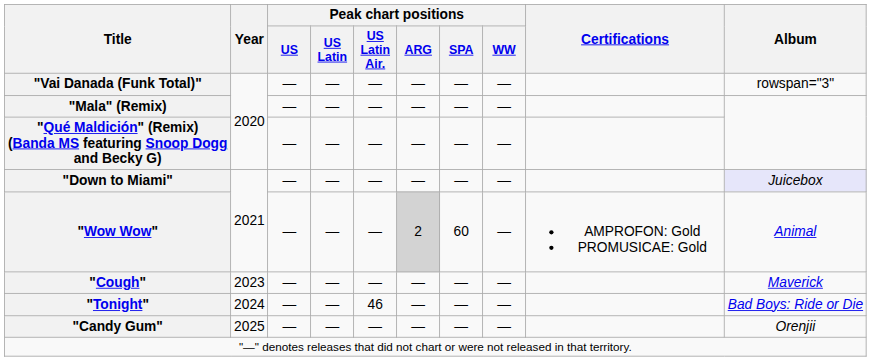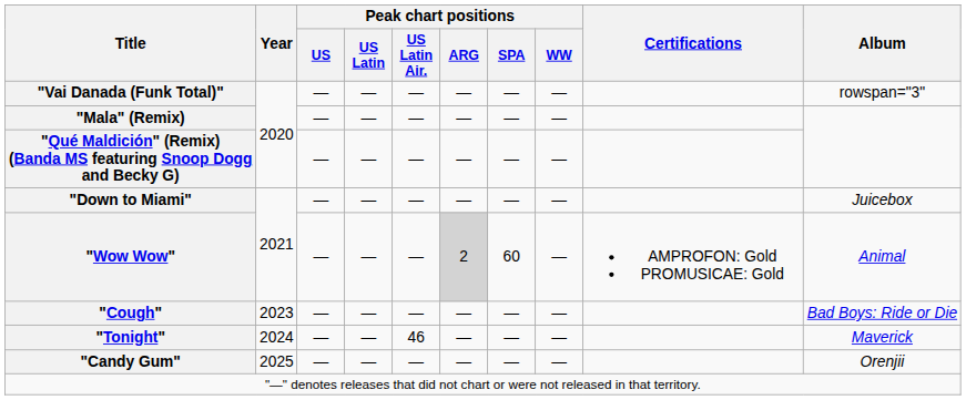 <table class="wikitable plainrowheaders" style="text-align:center;">
 <tr>
 <th scope="col" rowspan="2" style="width:16em;">Title</th>
 <th scope="col" rowspan="2">Year</th>
 <th scope="col" colspan="6">Peak chart positions</th>
 <th scope="col" rowspan="2" style="width:14em;"><a href='#'>Certifications</a></th>
 <th scope="col" rowspan="2">Album</th>
 </tr>
 <tr>
 <th scope="col" style="width:3em;font-size:90%;"><a href='#'>US</a><br></th>
 <th scope="col" style="width:3em;font-size:90%;"><a href='#'>US<br>Latin</a><br></th>
 <th scope="col" style="width:3em;font-size:90%;"><a href='#'>US<br>Latin<br>Air.</a><br></th>
 <th scope="col" style="width:3em;font-size:90%;"><a href='#'>ARG</a><br></th>
 <th scope="col" style="width:3em;font-size:90%;"><a href='#'>SPA</a><br></th>
 <th scope="col" style="width:3em;font-size:90%;"><a href='#'>WW</a><br></th>
 </tr>
 <tr>
 <th scope="row">"Vai Danada (Funk Total)"<br></th>
 <td rowspan="3">2020</td>
 <td>—</td>
 <td>—</td>
 <td>—</td>
 <td>—</td>
 <td>—</td>
 <td>—</td>
 <td></td>
 <td>rowspan="3" </td>
 </tr>
 <tr>
 <th scope="row">"Mala" (Remix)<br></th>
 <td>—</td>
 <td>—</td>
 <td>—</td>
 <td>—</td>
 <td>—</td>
 <td>—</td>
 <td></td>
 </tr>
 <tr>
 <th scope="row">"<a href='#'>Qué Maldición</a>" (Remix)<br><span>(<a href='#'>Banda MS</a> featuring <a href='#'>Snoop Dogg</a> and Becky G)</span></th>
 <td>—</td>
 <td>—</td>
 <td>—</td>
 <td>—</td>
 <td>—</td>
 <td>—</td>
 <td></td>
 </tr>
 <tr>
 <th scope="row">"Down to Miami"<br></th>
 <td rowspan="2">2021</td>
 <td>—</td>
 <td>—</td>
 <td>—</td>
 <td>—</td>
 <td>—</td>
 <td>—</td>
 <td></td>
-<td style="background: lavender;"><em>Juicebox</em></td>
+<td><em>Juicebox</em></td>
 </tr>
 <tr>
 <th scope="row">"<a href='#'>Wow Wow</a>"<br></th>
 <td>—</td>
 <td>—</td>
 <td>—</td>
 <td style="background: lightgrey;">2</td>
 <td>60</td>
 <td>—</td>
 <td><br><ul><li>AMPROFON: Gold</li><li>PROMUSICAE: Gold</li></ul></td>
 <td><em><a href='#'>Animal</a></em></td>
 </tr>
 <tr>
 <th scope="row">"<a href='#'>Cough</a>"<br></th>
 <td>2023</td>
 <td>—</td>
 <td>—</td>
 <td>—</td>
 <td>—</td>
 <td>—</td>
 <td>—</td>
 <td></td>
-<td><em><a href='#'>Maverick</a></em></td>
+<td><em><a href='#'>Bad Boys: Ride or Die</a></em></td>
 </tr>
 <tr>
 <th scope="row">"<a href='#'>Tonight</a>"<br></th>
 <td>2024</td>
 <td>—</td>
 <td>—</td>
 <td>46</td>
 <td>—</td>
 <td>—</td>
 <td>—</td>
 <td></td>
-<td><em><a href='#'>Bad Boys: Ride or Die</a></em></td>
+<td><em><a href='#'>Maverick</a></em></td>
 </tr>
 <tr>
 <th scope="row">"Candy Gum"<br></th>
 <td rowspan="1">2025</td>
 <td>—</td>
 <td>—</td>
 <td>—</td>
 <td>—</td>
 <td>—</td>
 <td>—</td>
 <td></td>
 <td><em>Orenjii</em></td>
 </tr>
 <tr>
 <td colspan="16" style="text-align:center; font-size:85%;">"—" denotes releases that did not chart or were not released in that territory.</td>
 </tr>
 </table>
